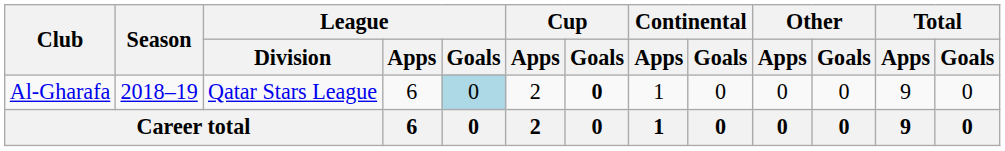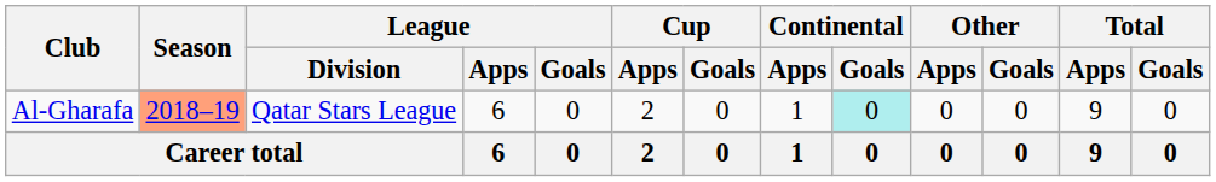 <table class="wikitable" style="text-align: center">
 <tr>
 <th rowspan="2">Club</th>
 <th rowspan="2">Season</th>
 <th colspan="3">League</th>
 <th colspan="2">Cup</th>
 <th colspan="2">Continental</th>
 <th colspan="2">Other</th>
 <th colspan="2">Total</th>
 </tr>
 <tr>
 <th>Division</th>
 <th>Apps</th>
 <th>Goals</th>
 <th>Apps</th>
 <th>Goals</th>
 <th>Apps</th>
 <th>Goals</th>
 <th>Apps</th>
 <th>Goals</th>
 <th>Apps</th>
 <th>Goals</th>
 </tr>
 <tr>
 <td><a href='#'>Al-Gharafa</a></td>
-<td><a href='#'>2018–19</a></td>
+<td style="background: lightsalmon;"><a href='#'>2018–19</a></td>
 <td><a href='#'>Qatar Stars League</a></td>
 <td>6</td>
-<td style="background: lightblue;">0</td>
+<td>0</td>
 <td>2</td>
-<td><strong>0</strong></td>
+<td>0</td>
 <td>1</td>
-<td>0</td>
+<td style="background: paleturquoise;">0</td>
 <td>0</td>
 <td>0</td>
 <td>9</td>
 <td>0</td>
 </tr>
 <tr>
 <th colspan=3>Career total</th>
 <th>6</th>
 <th>0</th>
 <th>2</th>
 <th>0</th>
 <th>1</th>
 <th>0</th>
 <th>0</th>
 <th>0</th>
 <th>9</th>
 <th>0</th>
 </tr>
 </table>
